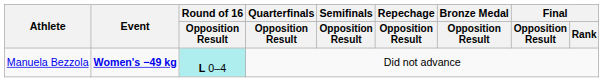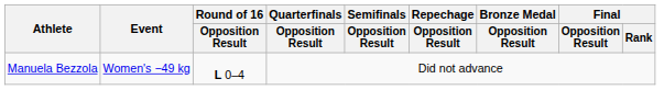 <table class="wikitable" style="font-size:90%">
 <tr>
 <th rowspan="2">Athlete</th>
 <th rowspan="2">Event</th>
 <th>Round of 16</th>
 <th>Quarterfinals</th>
 <th>Semifinals</th>
 <th>Repechage</th>
 <th>Bronze Medal</th>
 <th colspan=2>Final</th>
 </tr>
 <tr style="font-size:95%">
 <th>Opposition<br>Result</th>
 <th>Opposition<br>Result</th>
 <th>Opposition<br>Result</th>
 <th>Opposition<br>Result</th>
 <th>Opposition<br>Result</th>
 <th>Opposition<br>Result</th>
 <th>Rank</th>
 </tr>
 <tr align=center>
 <td align=left><a href='#'>Manuela Bezzola</a></td>
-<td align=left><strong><a href='#'>Women's −49 kg</a></strong></td>
-<td style="background: paleturquoise;"><br><strong>L</strong> 0–4</td>
+<td align=left><a href='#'>Women's −49 kg</a></td>
+<td><br><strong>L</strong> 0–4</td>
 <td colspan=6>Did not advance</td>
 </tr>
 </table>
